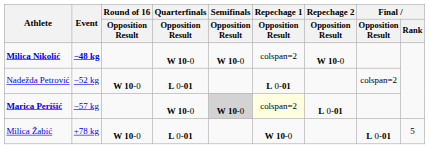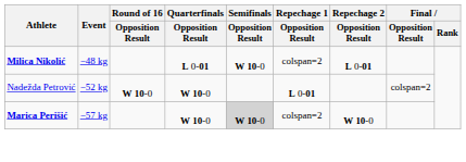 <table class="wikitable" style="font-size:90%">
 <tr>
 <th rowspan="2">Athlete</th>
 <th rowspan="2">Event</th>
 <th>Round of 16</th>
 <th>Quarterfinals</th>
 <th>Semifinals</th>
 <th>Repechage 1</th>
 <th>Repechage 2</th>
 <th colspan=2>Final / </th>
 </tr>
 <tr style="font-size:95%">
 <th>Opposition<br>Result</th>
 <th>Opposition<br>Result</th>
 <th>Opposition<br>Result</th>
 <th>Opposition<br>Result</th>
 <th>Opposition<br>Result</th>
 <th>Opposition<br>Result</th>
 <th>Rank</th>
 </tr>
 <tr align=center>
 <td align=left><strong><a href='#'>Milica Nikolić</a></strong></td>
-<td align=left><strong><a href='#'>−48 kg</a></strong></td>
+<td align=left><a href='#'>−48 kg</a></td>
 <td></td>
-<td><br><strong>W</strong> <strong>10</strong>-0</td>
+<td><br><strong>L</strong> 0-<strong>01</strong></td>
 <td><br><strong>W</strong> <strong>10</strong>-0</td>
 <td>colspan=2</td>
-<td><br><strong>W</strong> <strong>10</strong>-0</td>
+<td><br><strong>L</strong> 0-<strong>01</strong></td>
 <td></td>
 </tr>
 <tr align=center>
 <td align=left><a href='#'>Nadežda Petrović</a></td>
 <td align=left><a href='#'>−52 kg</a></td>
 <td><br><strong>W</strong> <strong>10</strong>-0</td>
-<td><br><strong>L</strong> 0-<strong>01</strong></td>
+<td><br><strong>W</strong> <strong>10</strong>-0</td>
 <td></td>
 <td><br><strong>L</strong> 0-<strong>01</strong></td>
 <td></td>
 <td>colspan=2 </td>
 </tr>
 <tr align=center>
 <td align=left><strong><a href='#'>Marica Perišić</a></strong></td>
 <td align=left><a href='#'>−57 kg</a></td>
 <td></td>
 <td><br><strong>W</strong> <strong>10</strong>-0</td>
 <td style="background: lightgrey;"><br><strong>W</strong> <strong>10</strong>-0</td>
-<td style="background: lightyellow;">colspan=2</td>
-<td><br><strong>L</strong> 0-<strong>01</strong></td>
+<td>colspan=2</td>
+<td><br><strong>W</strong> <strong>10</strong>-0</td>
 <td></td>
 </tr>
-<tr align=center>
-<td align=left><a href='#'>Milica Žabić</a></td>
-<td align=left><a href='#'>+78 kg</a></td>
-<td><br><strong>W</strong> <strong>10</strong>-0</td>
-<td><br><strong>L</strong> 0-<strong>01</strong></td>
-<td></td>
-<td><br><strong>W</strong> <strong>10</strong>-0</td>
-<td></td>
-<td><br><strong>L</strong> 0-<strong>01</strong></td>
-<td>5</td>
-</tr>
 </table>
